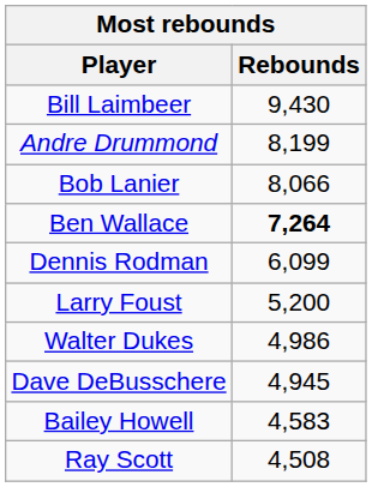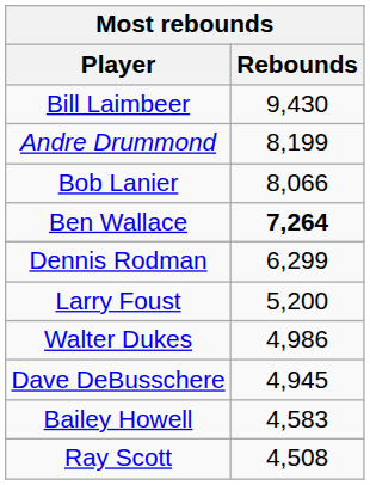 <table class="wikitable sortable" style="text-align:center">
 <tr>
 <th colspan="2" style="text-align:center; ">Most rebounds</th>
 </tr>
 <tr>
 <th style="text-align:center; ">Player</th>
 <th style="text-align:center; ">Rebounds</th>
 </tr>
 <tr>
 <td><a href='#'>Bill Laimbeer</a></td>
 <td>9,430</td>
 </tr>
 <tr>
 <td><em><a href='#'>Andre Drummond</a></em></td>
 <td>8,199</td>
 </tr>
 <tr>
 <td><a href='#'>Bob Lanier</a></td>
 <td>8,066</td>
 </tr>
 <tr>
 <td><a href='#'>Ben Wallace</a></td>
 <td><strong>7,264</strong></td>
 </tr>
 <tr>
 <td><a href='#'>Dennis Rodman</a></td>
-<td>6,099</td>
+<td>6,299</td>
 </tr>
 <tr>
 <td><a href='#'>Larry Foust</a></td>
 <td>5,200</td>
 </tr>
 <tr>
 <td><a href='#'>Walter Dukes</a></td>
 <td>4,986</td>
 </tr>
 <tr>
 <td><a href='#'>Dave DeBusschere</a></td>
 <td>4,945</td>
 </tr>
 <tr>
 <td><a href='#'>Bailey Howell</a></td>
 <td>4,583</td>
 </tr>
 <tr>
 <td><a href='#'>Ray Scott</a></td>
 <td>4,508</td>
 </tr>
 </table>
